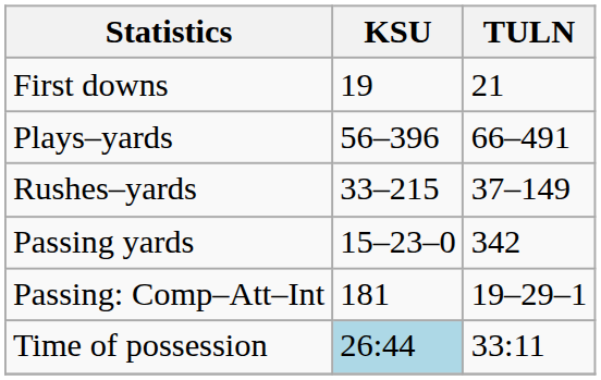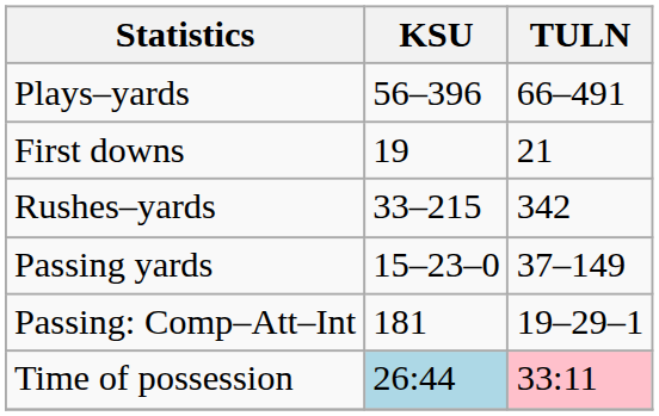 <table class="wikitable" style="float: left;">
 <tr>
 <th>Statistics</th>
 <th>KSU</th>
 <th>TULN</th>
 </tr>
 <tr>
+<td>Plays–yards</td>
+<td>56–396</td>
+<td>66–491</td>
+</tr>
+<tr>
 <td>First downs</td>
 <td>19</td>
 <td>21</td>
 </tr>
 <tr>
-<td>Plays–yards</td>
-<td>56–396</td>
-<td>66–491</td>
-</tr>
-<tr>
 <td>Rushes–yards</td>
 <td>33–215</td>
-<td>37–149</td>
+<td>342</td>
 </tr>
 <tr>
 <td>Passing yards</td>
 <td>15–23–0</td>
-<td>342</td>
+<td>37–149</td>
 </tr>
 <tr>
 <td>Passing: Comp–Att–Int</td>
 <td>181</td>
 <td>19–29–1</td>
 </tr>
 <tr>
 <td>Time of possession</td>
 <td style="background: lightblue;">26:44</td>
-<td>33:11</td>
+<td style="background: pink;">33:11</td>
 </tr>
 <tr>
 </tr>
 </table>
